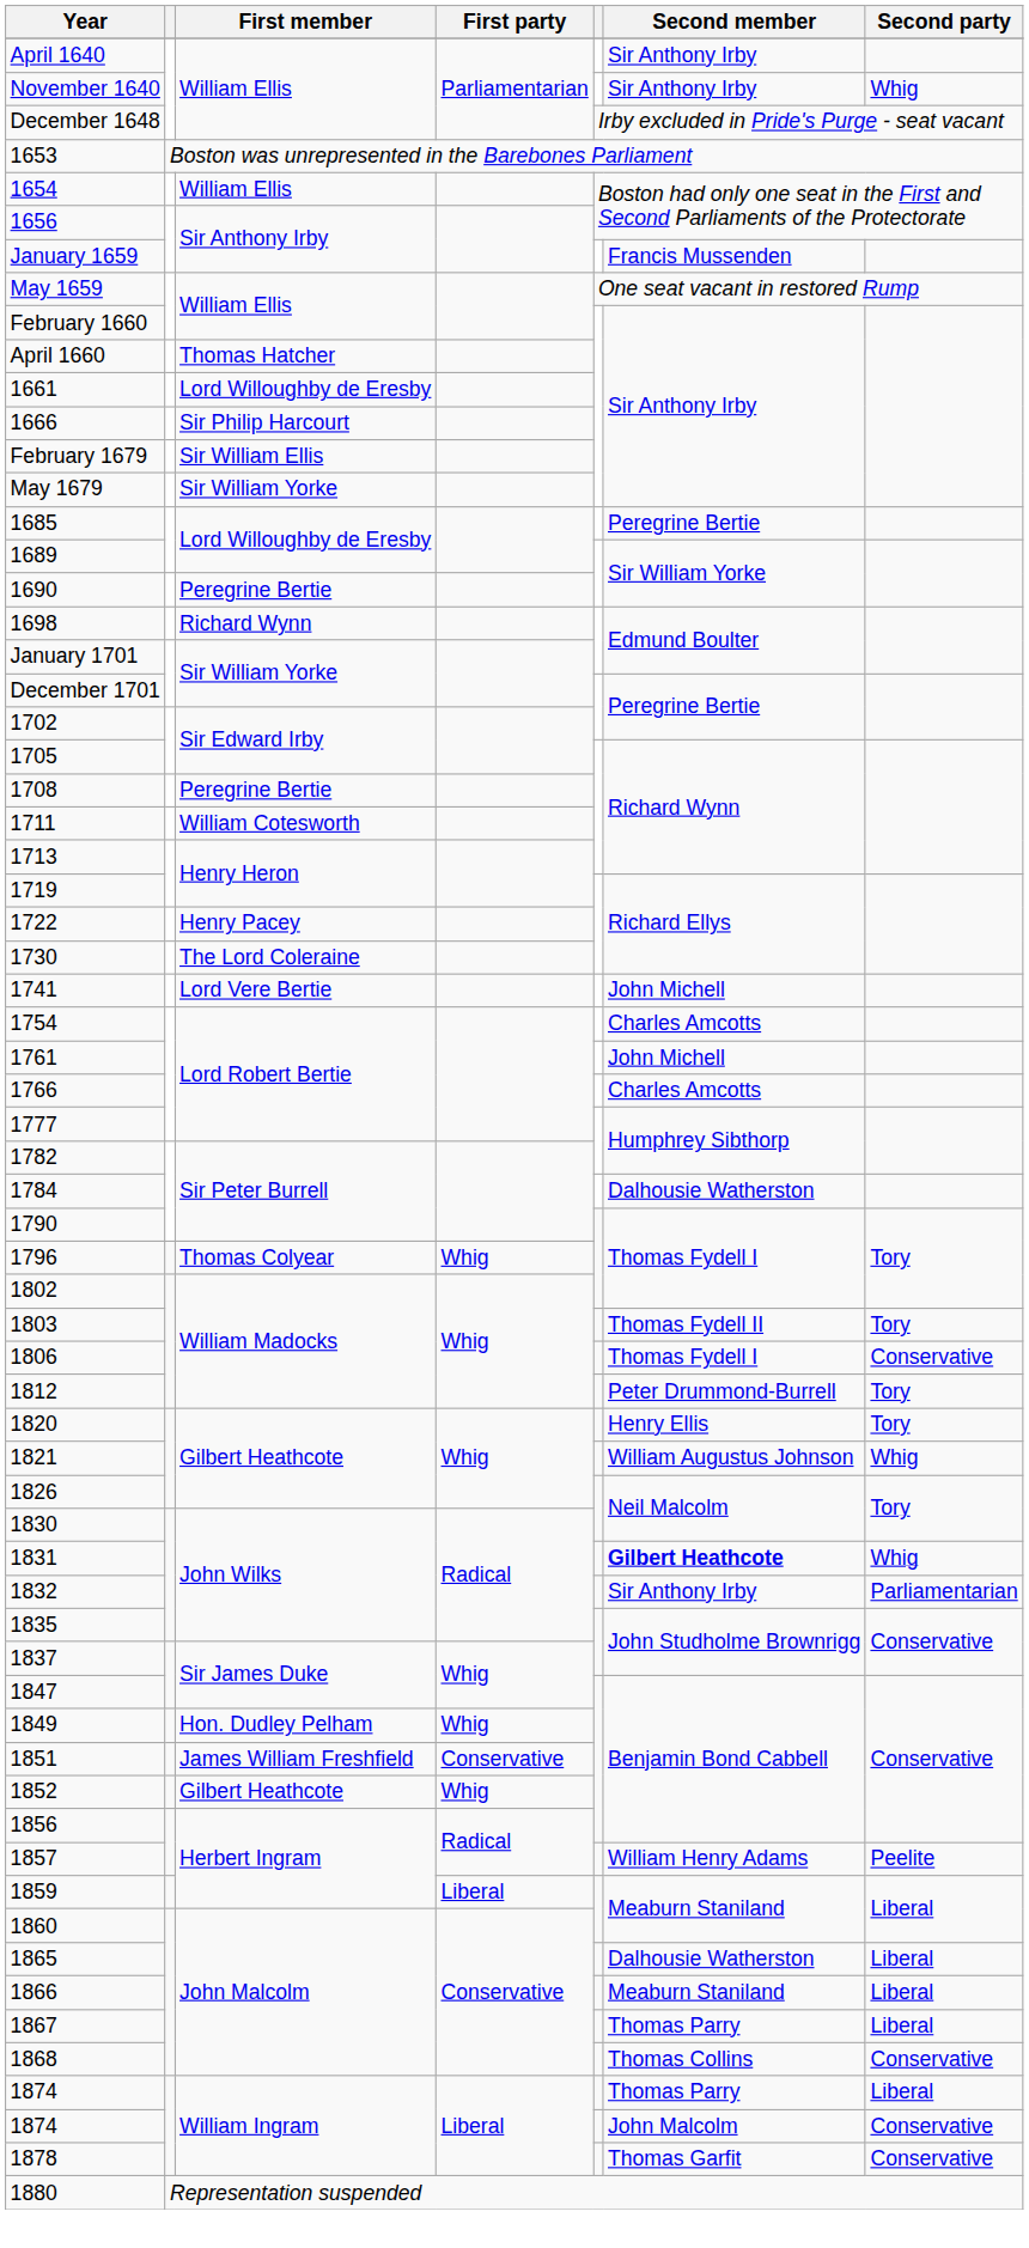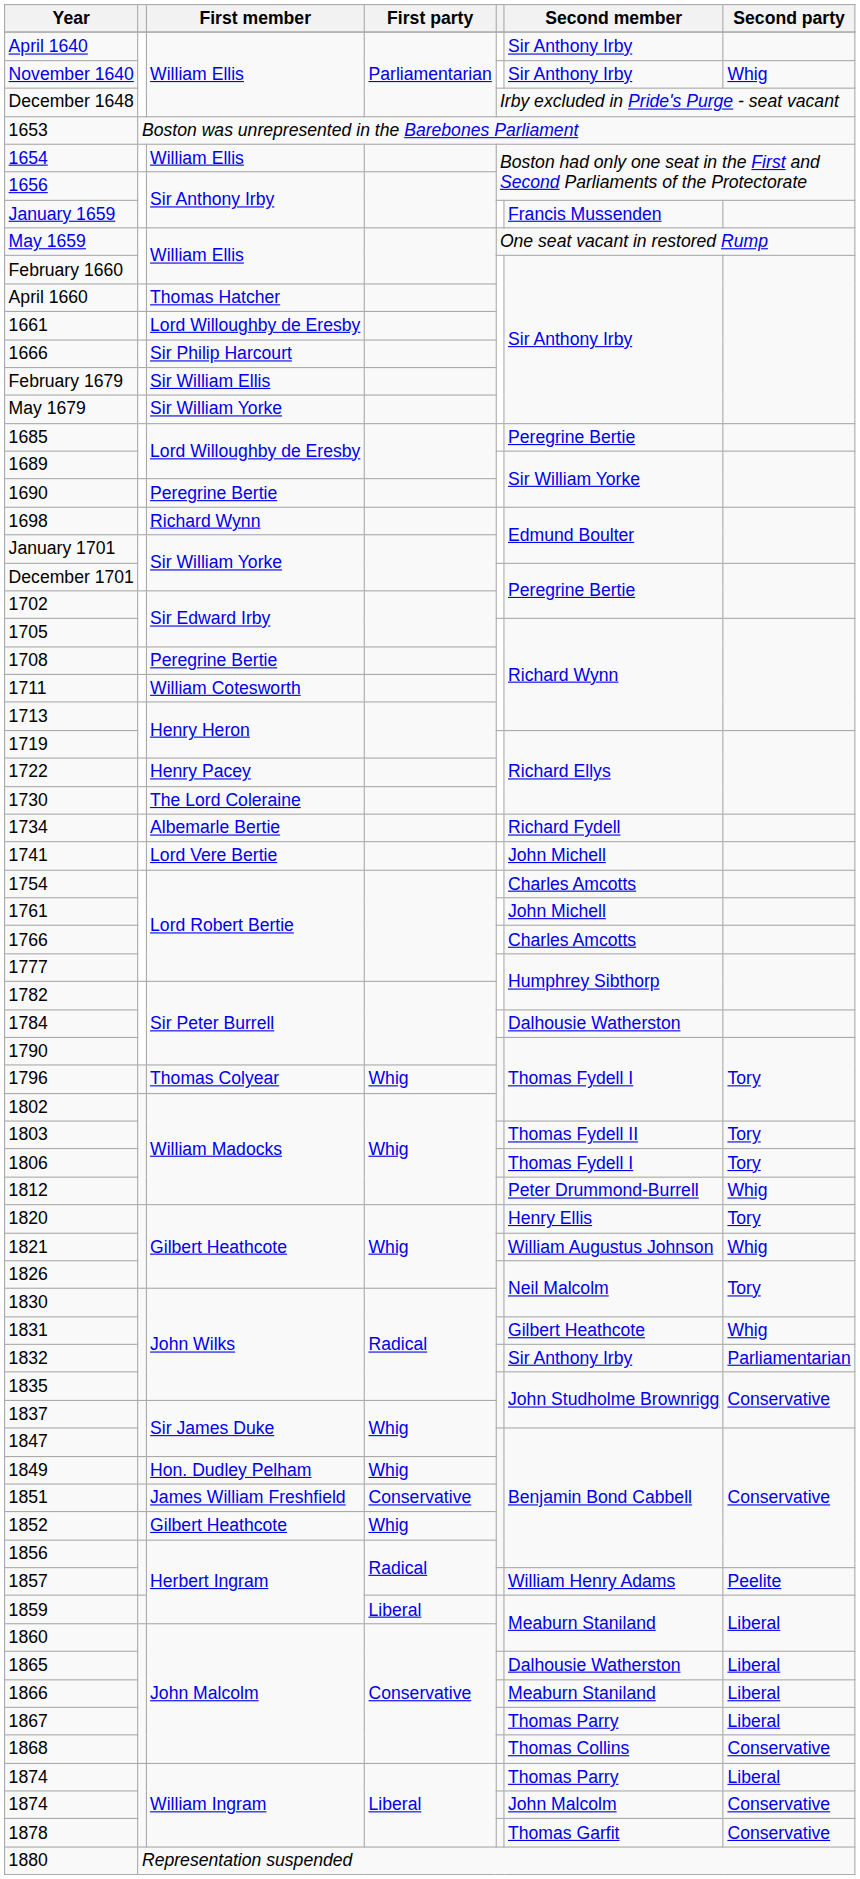 <table class="wikitable">
 <tr>
 <th>Year</th>
 <th></th>
 <th>First member</th>
 <th>First party</th>
 <th></th>
 <th>Second member</th>
 <th>Second party</th>
 </tr>
 <tr>
 </tr>
 <tr>
 <td><a href='#'>April 1640</a></td>
 <td rowspan="3" style="color:inherit;background-color: white"></td>
 <td rowspan="3"><a href='#'>William Ellis</a></td>
 <td rowspan="3"><a href='#'>Parliamentarian</a></td>
 <td style="color:inherit;background-color: white"></td>
 <td><a href='#'>Sir Anthony Irby</a></td>
 <td></td>
 </tr>
 <tr>
 <td><a href='#'>November 1640</a></td>
 <td style="color:inherit;background-color: white"></td>
 <td><a href='#'>Sir Anthony Irby</a></td>
 <td><a href='#'>Whig</a></td>
 </tr>
 <tr>
 <td>December 1648</td>
 <td colspan="3"><em>Irby excluded in <a href='#'>Pride's Purge</a> - seat vacant</em></td>
 </tr>
 <tr>
 <td>1653</td>
 <td colspan="6"><em>Boston was unrepresented in the <a href='#'>Barebones Parliament</a></em></td>
 </tr>
 <tr>
 <td><a href='#'>1654</a></td>
 <td style="color:inherit;background-color: white"></td>
 <td><a href='#'>William Ellis</a></td>
 <td></td>
 <td rowspan="2" colspan="3"><em>Boston had only one seat in the <a href='#'>First</a>  and <br><a href='#'>Second</a> Parliaments of the Protectorate</em></td>
 </tr>
 <tr>
 <td><a href='#'>1656</a></td>
 <td rowspan="2" style="color:inherit;background-color: white"></td>
 <td rowspan="2"><a href='#'>Sir Anthony Irby</a></td>
 <td rowspan="2"></td>
 </tr>
 <tr>
 <td><a href='#'>January 1659</a></td>
 <td style="color:inherit;background-color: white"></td>
 <td><a href='#'>Francis Mussenden</a></td>
 <td></td>
 </tr>
 <tr>
 <td><a href='#'>May 1659</a></td>
 <td rowspan="2" style="color:inherit;background-color: white"></td>
 <td rowspan="2"><a href='#'>William Ellis</a></td>
 <td rowspan="2"></td>
 <td colspan="3"><em>One seat vacant in restored <a href='#'>Rump</a></em></td>
 </tr>
 <tr>
 <td>February 1660</td>
 <td rowspan="6" style="color:inherit;background-color: white"></td>
 <td rowspan="6"><a href='#'>Sir Anthony Irby</a></td>
 <td rowspan="6"></td>
 </tr>
 <tr>
 <td>April 1660</td>
 <td style="color:inherit;background-color: white"></td>
 <td><a href='#'>Thomas Hatcher</a></td>
 <td></td>
 </tr>
 <tr>
 <td>1661</td>
 <td style="color:inherit;background-color: white"></td>
 <td><a href='#'>Lord Willoughby de Eresby</a></td>
 <td></td>
 </tr>
 <tr>
 <td>1666</td>
 <td style="color:inherit;background-color: white"></td>
 <td><a href='#'>Sir Philip Harcourt</a></td>
 <td></td>
 </tr>
 <tr>
 <td>February 1679</td>
 <td style="color:inherit;background-color: white"></td>
 <td><a href='#'>Sir William Ellis</a></td>
 <td></td>
 </tr>
 <tr>
 <td>May 1679</td>
 <td style="color:inherit;background-color: white"></td>
 <td><a href='#'>Sir William Yorke</a></td>
 <td></td>
 </tr>
 <tr>
 <td>1685</td>
 <td rowspan="2" style="color:inherit;background-color: white"></td>
 <td rowspan="2"><a href='#'>Lord Willoughby de Eresby</a></td>
 <td rowspan="2"></td>
 <td style="color:inherit;background-color: white"></td>
 <td><a href='#'>Peregrine Bertie</a></td>
 <td></td>
 </tr>
 <tr>
 <td>1689</td>
 <td rowspan="2" style="color:inherit;background-color: white"></td>
 <td rowspan="2"><a href='#'>Sir William Yorke</a></td>
 <td rowspan="2"></td>
 </tr>
 <tr>
 <td>1690</td>
 <td style="color:inherit;background-color: white"></td>
 <td><a href='#'>Peregrine Bertie</a></td>
 <td></td>
 </tr>
 <tr>
 <td>1698</td>
 <td style="color:inherit;background-color: white"></td>
 <td><a href='#'>Richard Wynn</a></td>
 <td></td>
 <td rowspan="2" style="color:inherit;background-color: white"></td>
 <td rowspan="2"><a href='#'>Edmund Boulter</a></td>
 <td rowspan="2"></td>
 </tr>
 <tr>
 <td>January 1701</td>
 <td rowspan="2" style="color:inherit;background-color: white"></td>
 <td rowspan="2"><a href='#'>Sir William Yorke</a></td>
 <td rowspan="2"></td>
 </tr>
 <tr>
 <td>December 1701</td>
 <td rowspan="2" style="color:inherit;background-color: white"></td>
 <td rowspan="2"><a href='#'>Peregrine Bertie</a></td>
 <td rowspan="2"></td>
 </tr>
 <tr>
 <td>1702</td>
 <td rowspan="2" style="color:inherit;background-color: white"></td>
 <td rowspan="2"><a href='#'>Sir Edward Irby</a></td>
 <td rowspan="2"></td>
 </tr>
 <tr>
 <td>1705</td>
 <td rowspan="4" style="color:inherit;background-color: white"></td>
 <td rowspan="4"><a href='#'>Richard Wynn</a></td>
 <td rowspan="4"></td>
 </tr>
 <tr>
 <td>1708</td>
 <td style="color:inherit;background-color: white"></td>
 <td><a href='#'>Peregrine Bertie</a></td>
 <td></td>
 </tr>
 <tr>
 <td>1711</td>
 <td style="color:inherit;background-color: white"></td>
 <td><a href='#'>William Cotesworth</a></td>
 <td></td>
 </tr>
 <tr>
 <td>1713</td>
 <td rowspan="2" style="color:inherit;background-color: white"></td>
 <td rowspan="2"><a href='#'>Henry Heron</a></td>
 <td rowspan="2"></td>
 </tr>
 <tr>
 <td>1719</td>
 <td rowspan="3" style="color:inherit;background-color: white"></td>
 <td rowspan="3"><a href='#'>Richard Ellys</a></td>
 <td rowspan="3"></td>
 </tr>
 <tr>
 <td>1722</td>
 <td style="color:inherit;background-color: white"></td>
 <td><a href='#'>Henry Pacey</a></td>
 <td></td>
 </tr>
 <tr>
 <td>1730</td>
 <td style="color:inherit;background-color: white"></td>
 <td><a href='#'>The Lord Coleraine</a></td>
 <td></td>
 </tr>
 <tr>
+<td>1734</td>
+<td style="color:inherit;background-color: white"></td>
+<td><a href='#'>Albemarle Bertie</a></td>
+<td></td>
+<td style="color:inherit;background-color: white"></td>
+<td><a href='#'>Richard Fydell</a></td>
+<td></td>
+</tr>
+<tr>
 <td>1741</td>
 <td style="color:inherit;background-color: white"></td>
 <td><a href='#'>Lord Vere Bertie</a></td>
 <td></td>
 <td style="color:inherit;background-color: white"></td>
 <td><a href='#'>John Michell</a></td>
 <td></td>
 </tr>
 <tr>
 <td>1754</td>
 <td rowspan="4" style="color:inherit;background-color: white"></td>
 <td rowspan="4"><a href='#'>Lord Robert Bertie</a></td>
 <td rowspan="4"></td>
 <td style="color:inherit;background-color: white"></td>
 <td><a href='#'>Charles Amcotts</a></td>
 <td></td>
 </tr>
 <tr>
 <td>1761</td>
 <td style="color:inherit;background-color: white"></td>
 <td><a href='#'>John Michell</a></td>
 <td></td>
 </tr>
 <tr>
 <td>1766</td>
 <td style="color:inherit;background-color: white"></td>
 <td><a href='#'>Charles Amcotts</a></td>
 <td></td>
 </tr>
 <tr>
 <td>1777</td>
 <td rowspan="2" style="color:inherit;background-color: white"></td>
 <td rowspan="2"><a href='#'>Humphrey Sibthorp</a></td>
 <td rowspan="2"></td>
 </tr>
 <tr>
 <td>1782</td>
 <td rowspan="3" style="color:inherit;background-color: white"></td>
 <td rowspan="3"><a href='#'>Sir Peter Burrell</a></td>
 <td rowspan="3"></td>
 </tr>
 <tr>
 <td>1784</td>
 <td style="color:inherit;background-color: white"></td>
 <td><a href='#'>Dalhousie Watherston</a></td>
 <td></td>
 </tr>
 <tr>
 <td>1790</td>
 <td rowspan="3" style="color:inherit;background-color: "></td>
 <td rowspan="3"><a href='#'>Thomas Fydell I</a></td>
 <td rowspan="3"><a href='#'>Tory</a></td>
 </tr>
 <tr>
 <td>1796</td>
 <td style="color:inherit;background-color: "></td>
 <td><a href='#'>Thomas Colyear</a></td>
 <td><a href='#'>Whig</a></td>
 </tr>
 <tr>
 <td>1802</td>
 <td rowspan="4" style="color:inherit;background-color: "></td>
 <td rowspan="4"><a href='#'>William Madocks</a></td>
 <td rowspan="4"><a href='#'>Whig</a></td>
 </tr>
 <tr>
 <td>1803</td>
 <td style="color:inherit;background-color: "></td>
 <td><a href='#'>Thomas Fydell II</a></td>
 <td><a href='#'>Tory</a></td>
 </tr>
 <tr>
 <td>1806</td>
 <td style="color:inherit;background-color: "></td>
 <td><a href='#'>Thomas Fydell I</a></td>
-<td><a href='#'>Conservative</a></td>
+<td><a href='#'>Tory</a></td>
 </tr>
 <tr>
 <td>1812</td>
 <td style="color:inherit;background-color: "></td>
 <td><a href='#'>Peter Drummond-Burrell</a></td>
-<td><a href='#'>Tory</a></td>
+<td><a href='#'>Whig</a></td>
 </tr>
 <tr>
 <td>1820</td>
 <td rowspan="3" style="color:inherit;background-color: "></td>
 <td rowspan="3"><a href='#'>Gilbert Heathcote</a></td>
 <td rowspan="3"><a href='#'>Whig</a></td>
 <td style="color:inherit;background-color: "></td>
 <td><a href='#'>Henry Ellis</a></td>
 <td><a href='#'>Tory</a></td>
 </tr>
 <tr>
 <td>1821</td>
 <td style="color:inherit;background-color: "></td>
 <td><a href='#'>William Augustus Johnson</a></td>
 <td><a href='#'>Whig</a></td>
 </tr>
 <tr>
 <td>1826</td>
 <td rowspan="2" style="color:inherit;background-color: "></td>
 <td rowspan="2"><a href='#'>Neil Malcolm</a></td>
 <td rowspan="2"><a href='#'>Tory</a></td>
 </tr>
 <tr>
 <td>1830</td>
 <td rowspan="4" style="color:inherit;background-color: "></td>
 <td rowspan="4"><a href='#'>John Wilks</a></td>
 <td rowspan="4"><a href='#'>Radical</a></td>
 </tr>
 <tr>
 <td>1831</td>
 <td style="color:inherit;background-color: "></td>
-<td><strong><a href='#'>Gilbert Heathcote</a></strong></td>
+<td><a href='#'>Gilbert Heathcote</a></td>
 <td><a href='#'>Whig</a></td>
 </tr>
 <tr>
 <td>1832</td>
 <td style="color:inherit;background-color: "></td>
 <td><a href='#'>Sir Anthony Irby</a></td>
 <td><a href='#'>Parliamentarian</a></td>
 </tr>
 <tr>
 <td>1835</td>
 <td rowspan="2" style="color:inherit;background-color: "></td>
 <td rowspan="2"><a href='#'>John Studholme Brownrigg</a></td>
 <td rowspan="2"><a href='#'>Conservative</a></td>
 </tr>
 <tr>
 <td>1837</td>
 <td rowspan="2" style="color:inherit;background-color: "></td>
 <td rowspan="2"><a href='#'>Sir James Duke</a></td>
 <td rowspan="2"><a href='#'>Whig</a></td>
 </tr>
 <tr>
 <td>1847</td>
 <td rowspan="5" style="color:inherit;background-color: "></td>
 <td rowspan="5"><a href='#'>Benjamin Bond Cabbell</a></td>
 <td rowspan="5"><a href='#'>Conservative</a></td>
 </tr>
 <tr>
 <td>1849</td>
 <td style="color:inherit;background-color: "></td>
 <td><a href='#'>Hon. Dudley Pelham</a></td>
 <td><a href='#'>Whig</a></td>
 </tr>
 <tr>
 <td>1851</td>
 <td style="color:inherit;background-color: "></td>
 <td><a href='#'>James William Freshfield</a></td>
 <td><a href='#'>Conservative</a></td>
 </tr>
 <tr>
 <td>1852</td>
 <td style="color:inherit;background-color: "></td>
 <td><a href='#'>Gilbert Heathcote</a></td>
 <td><a href='#'>Whig</a></td>
 </tr>
 <tr>
 <td>1856</td>
 <td rowspan="2" style="color:inherit;background-color: "></td>
 <td rowspan="3"><a href='#'>Herbert Ingram</a></td>
 <td rowspan="2"><a href='#'>Radical</a></td>
 </tr>
 <tr>
 <td>1857</td>
 <td style="color:inherit;background-color: "></td>
 <td><a href='#'>William Henry Adams</a></td>
 <td><a href='#'>Peelite</a></td>
 </tr>
 <tr>
 <td>1859</td>
 <td style="color:inherit;background-color: "></td>
 <td><a href='#'>Liberal</a></td>
 <td rowspan="2" style="color:inherit;background-color: "></td>
 <td rowspan="2"><a href='#'>Meaburn Staniland</a></td>
 <td rowspan="2"><a href='#'>Liberal</a></td>
 </tr>
 <tr>
 <td>1860</td>
 <td rowspan="5" style="color:inherit;background-color: "></td>
 <td rowspan="5"><a href='#'>John Malcolm</a></td>
 <td rowspan="5"><a href='#'>Conservative</a></td>
 </tr>
 <tr>
 <td>1865</td>
 <td style="color:inherit;background-color: "></td>
 <td><a href='#'>Dalhousie Watherston</a></td>
 <td><a href='#'>Liberal</a></td>
 </tr>
 <tr>
 <td>1866</td>
 <td style="color:inherit;background-color: "></td>
 <td><a href='#'>Meaburn Staniland</a></td>
 <td><a href='#'>Liberal</a></td>
 </tr>
 <tr>
 <td>1867</td>
 <td style="color:inherit;background-color: "></td>
 <td><a href='#'>Thomas Parry</a></td>
 <td><a href='#'>Liberal</a></td>
 </tr>
 <tr>
 <td>1868</td>
 <td style="color:inherit;background-color: "></td>
 <td><a href='#'>Thomas Collins</a></td>
 <td><a href='#'>Conservative</a></td>
 </tr>
 <tr>
 <td>1874</td>
 <td rowspan="3" style="color:inherit;background-color: "></td>
 <td rowspan="3"><a href='#'>William Ingram</a></td>
 <td rowspan="3"><a href='#'>Liberal</a></td>
 <td style="color:inherit;background-color: "></td>
 <td><a href='#'>Thomas Parry</a></td>
 <td><a href='#'>Liberal</a></td>
 </tr>
 <tr>
 <td>1874</td>
 <td style="color:inherit;background-color: "></td>
 <td><a href='#'>John Malcolm</a></td>
 <td><a href='#'>Conservative</a></td>
 </tr>
 <tr>
 <td>1878</td>
 <td style="color:inherit;background-color: "></td>
 <td><a href='#'>Thomas Garfit</a></td>
 <td><a href='#'>Conservative</a></td>
 </tr>
 <tr>
 <td>1880</td>
 <td colspan="6"><em>Representation suspended</em></td>
 </tr>
 </table>
